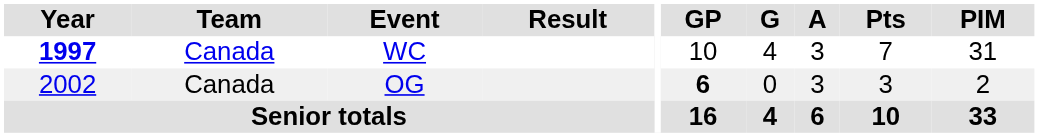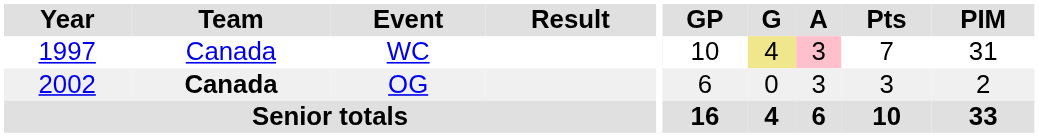 <table border="0" cellpadding="1" cellspacing="0" ID="Table3" style="text-align:center; width:40em;">
 <tr bgcolor="#e0e0e0">
 <th>Year</th>
 <th>Team</th>
 <th>Event</th>
 <th>Result</th>
 <th rowspan="99" bgcolor="#ffffff"></th>
 <th>GP</th>
 <th>G</th>
 <th>A</th>
 <th>Pts</th>
 <th>PIM</th>
 </tr>
 <tr>
-<td><strong><a href='#'>1997</a></strong></td>
+<td><a href='#'>1997</a></td>
 <td><a href='#'>Canada</a></td>
 <td><a href='#'>WC</a></td>
 <td></td>
 <td>10</td>
-<td>4</td>
-<td>3</td>
+<td style="background: khaki;">4</td>
+<td style="background: pink;">3</td>
 <td>7</td>
 <td>31</td>
 </tr>
 <tr bgcolor="#f0f0f0">
 <td><a href='#'>2002</a></td>
-<td>Canada</td>
+<td><strong>Canada</strong></td>
 <td><a href='#'>OG</a></td>
 <td></td>
-<td><strong>6</strong></td>
+<td>6</td>
 <td>0</td>
 <td>3</td>
 <td>3</td>
 <td>2</td>
 </tr>
 <tr bgcolor="#e0e0e0">
 <th colspan="4">Senior totals</th>
 <th>16</th>
 <th>4</th>
 <th>6</th>
 <th>10</th>
 <th>33</th>
 </tr>
 </table>
